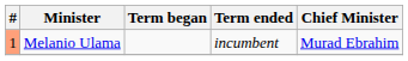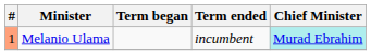 <table class="wikitable">
 <tr>
 <th>#</th>
 <th>Minister</th>
 <th>Term began</th>
 <th>Term ended</th>
 <th>Chief Minister</th>
 </tr>
 <tr>
 <td style="background: lightsalmon;">1</td>
 <td><a href='#'>Melanio Ulama</a></td>
 <td></td>
 <td><em>incumbent</em></td>
-<td><a href='#'>Murad Ebrahim</a></td>
+<td style="background: paleturquoise;"><a href='#'>Murad Ebrahim</a></td>
 </tr>
 <tr>
 </tr>
 </table>
